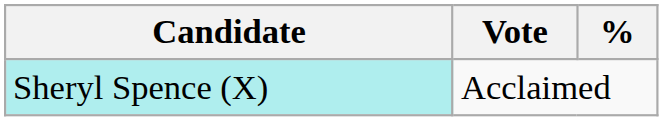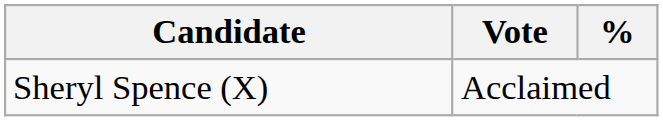 <table class="wikitable">
 <tr>
 <th bgcolor="#DDDDFF" width="200px">Candidate</th>
 <th bgcolor="#DDDDFF" width="50px">Vote</th>
 <th bgcolor="#DDDDFF" width="30px">%</th>
 </tr>
 <tr>
-<td style="background: paleturquoise;">Sheryl Spence (X)</td>
+<td>Sheryl Spence (X)</td>
 <td colspan="2">Acclaimed</td>
 </tr>
 </table>
